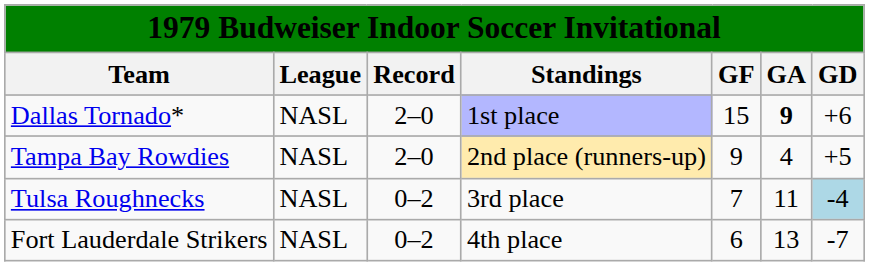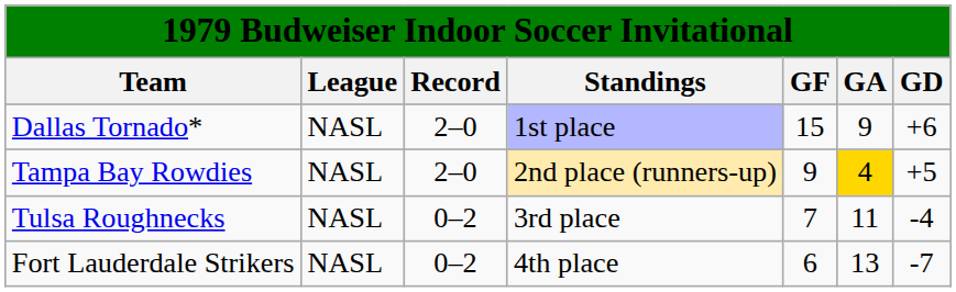 <table class="wikitable sortable">
 <tr>
 <th ! style="background:green" class="unsortable" colspan="7"><span><big> 1979 Budweiser Indoor Soccer Invitational </big></span></th>
 </tr>
 <tr>
 <th>Team</th>
 <th>League</th>
 <th>Record</th>
 <th>Standings</th>
 <th>GF</th>
 <th>GA</th>
 <th>GD</th>
 </tr>
 <tr>
 <td><a href='#'>Dallas Tornado</a>*</td>
 <td>NASL</td>
 <td align=center>2–0</td>
 <td bgcolor="#B3B7FF">1st place</td>
 <td align=center>15</td>
-<td align=center><strong>9</strong></td>
+<td align=center>9</td>
 <td align=center>+6</td>
 </tr>
 <tr>
 <td><a href='#'>Tampa Bay Rowdies</a></td>
 <td>NASL</td>
 <td align=center>2–0</td>
 <td style="background:#ffebad;">2nd place (runners-up)</td>
 <td align=center>9</td>
-<td align=center>4</td>
+<td align=center style="background: gold;">4</td>
 <td align=center>+5</td>
 </tr>
 <tr>
 <td><a href='#'>Tulsa Roughnecks</a></td>
 <td>NASL</td>
 <td align=center>0–2</td>
 <td>3rd place</td>
 <td align=center>7</td>
 <td align=center>11</td>
-<td align=center style="background: lightblue;">-4</td>
+<td align=center>-4</td>
 </tr>
 <tr>
 <td>Fort Lauderdale Strikers</td>
 <td>NASL</td>
 <td align=center>0–2</td>
 <td>4th place</td>
 <td align=center>6</td>
 <td align=center>13</td>
 <td align=center>-7</td>
 </tr>
 </table>
